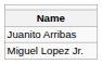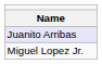 <table class=wikitable style="font-size:90%">
 <tr>
 <td bgcolor=></td>
 </tr>
 <tr>
 <th width=120px>Name</th>
 </tr>
 <tr>
-<td>Juanito Arribas</td>
+<td style="background: lavender;">Juanito Arribas</td>
 </tr>
 <tr>
 <td>Miguel Lopez Jr.</td>
 </tr>
 </table>
